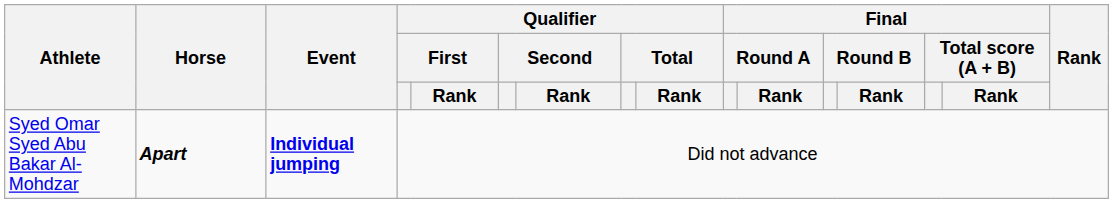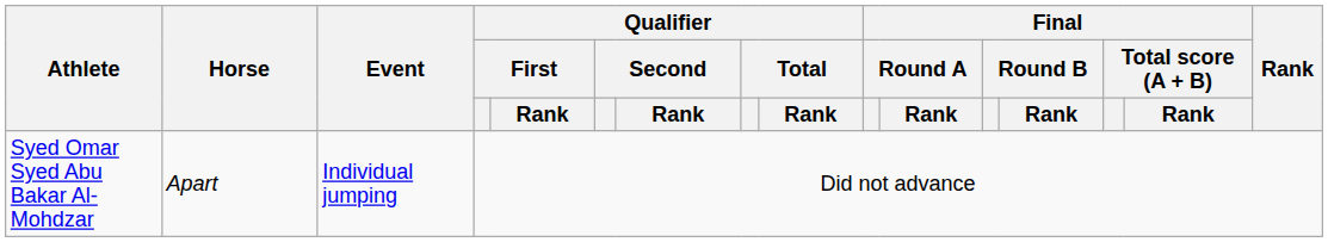 <table class="wikitable" width="100%" style="text-align:center; font-size:90%;">
 <tr>
 <th rowspan="3" width="10%">Athlete</th>
 <th rowspan="3" width="10%">Horse</th>
 <th rowspan="3" width="10%">Event</th>
 <th colspan="6" width="25%">Qualifier</th>
 <th colspan="6" width="25%">Final</th>
 <th rowspan="3" width="3%">Rank</th>
 </tr>
 <tr>
 <th colspan="2">First</th>
 <th colspan="2">Second</th>
 <th colspan="2">Total</th>
 <th colspan="2">Round A</th>
 <th colspan="2">Round B</th>
 <th colspan="2">Total score<br>(A + B)</th>
 </tr>
 <tr>
 <th></th>
 <th>Rank</th>
 <th></th>
 <th>Rank</th>
 <th></th>
 <th>Rank</th>
 <th></th>
 <th>Rank</th>
 <th></th>
 <th>Rank</th>
 <th></th>
 <th>Rank</th>
 </tr>
 <tr>
 <td align=left><a href='#'>Syed Omar Syed Abu Bakar Al-Mohdzar</a></td>
-<td align=left><strong><em>Apart</em></strong></td>
-<td align=left><strong><a href='#'>Individual jumping</a></strong></td>
+<td align=left><em>Apart</em></td>
+<td align=left><a href='#'>Individual jumping</a></td>
 <td colspan=13>Did not advance</td>
 </tr>
 </table>
